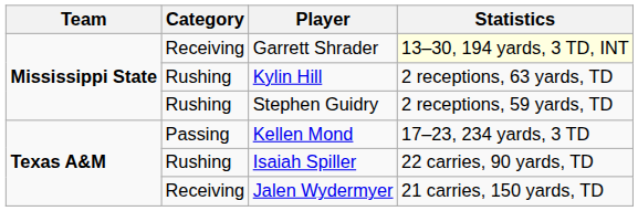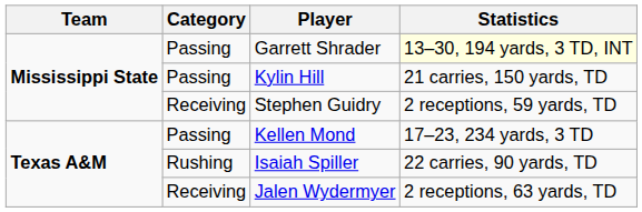 <table class="wikitable" style="float: right;">
 <tr>
 <th>Team</th>
 <th>Category</th>
 <th>Player</th>
 <th>Statistics</th>
 </tr>
 <tr>
 <td rowspan=3><strong>Mississippi State</strong></td>
-<td>Receiving</td>
+<td>Passing</td>
 <td>Garrett Shrader</td>
 <td style="background: lightyellow;">13–30, 194 yards, 3 TD, INT</td>
 </tr>
 <tr>
-<td>Rushing</td>
+<td>Passing</td>
 <td><a href='#'>Kylin Hill</a></td>
-<td>2 receptions, 63 yards, TD</td>
+<td>21 carries, 150 yards, TD</td>
 </tr>
 <tr>
-<td>Rushing</td>
+<td>Receiving</td>
 <td>Stephen Guidry</td>
 <td>2 receptions, 59 yards, TD</td>
 </tr>
 <tr>
 <td rowspan=3><strong>Texas A&M</strong></td>
 <td>Passing</td>
 <td><a href='#'>Kellen Mond</a></td>
 <td>17–23, 234 yards, 3 TD</td>
 </tr>
 <tr>
 <td>Rushing</td>
 <td><a href='#'>Isaiah Spiller</a></td>
 <td>22 carries, 90 yards, TD</td>
 </tr>
 <tr>
 <td>Receiving</td>
 <td><a href='#'>Jalen Wydermyer</a></td>
-<td>21 carries, 150 yards, TD</td>
+<td>2 receptions, 63 yards, TD</td>
 </tr>
 </table>
